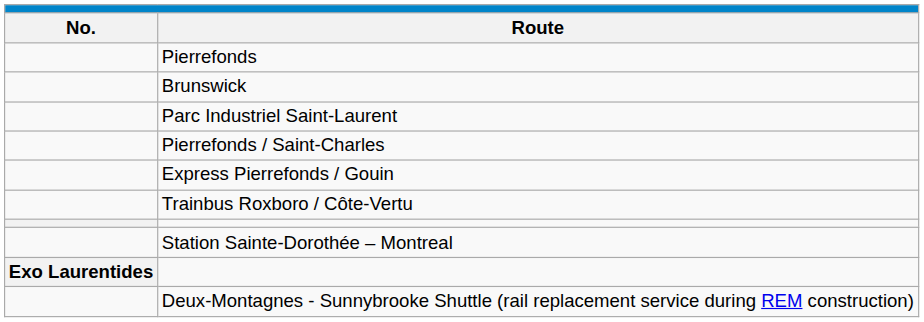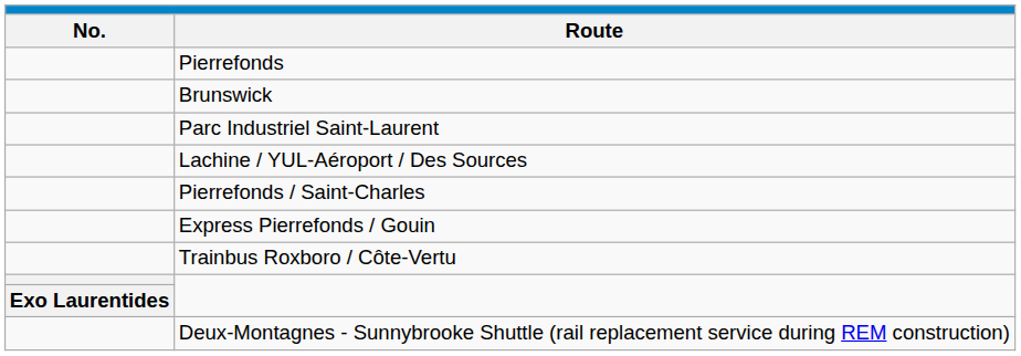 <table align=center class="wikitable">
 <tr>
 <th style="background: #0085CA; color:#FFFFFF;" colspan="2"><a href='#'></a></th>
 </tr>
 <tr>
 <th>No.</th>
 <th>Route</th>
 </tr>
 <tr>
 <td></td>
 <td>Pierrefonds</td>
 </tr>
 <tr>
 <td></td>
 <td>Brunswick</td>
 </tr>
 <tr>
 <td></td>
 <td>Parc Industriel Saint-Laurent</td>
 </tr>
 <tr>
 <td {{Avoid wrap> </td>
+<td>Lachine / YUL-Aéroport / Des Sources</td>
+</tr>
+<tr>
+<td {{Avoid wrap> </td>
 <td>Pierrefonds / Saint-Charles</td>
 </tr>
 <tr>
 <td></td>
 <td>Express Pierrefonds / Gouin</td>
 </tr>
 <tr>
 <td></td>
 <td>Trainbus Roxboro / Côte-Vertu</td>
 </tr>
 <tr>
 <th style="background: #"><a href='#'></a></th>
 </tr>
 <tr>
-<td></td>
-<td>Station Sainte-Dorothée – Montreal</td>
-</tr>
-<tr>
 <th style="background: #">Exo Laurentides</th>
 </tr>
 <tr>
 <td></td>
 <td>Deux-Montagnes - Sunnybrooke Shuttle (rail replacement service during <a href='#'>REM</a> construction)</td>
 </tr>
 </table>
